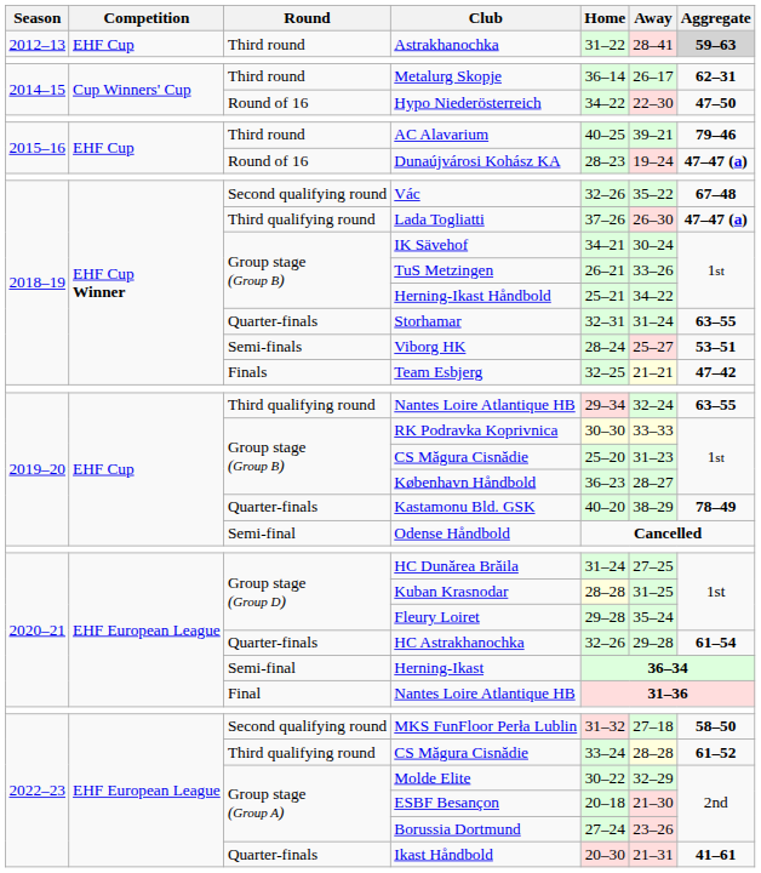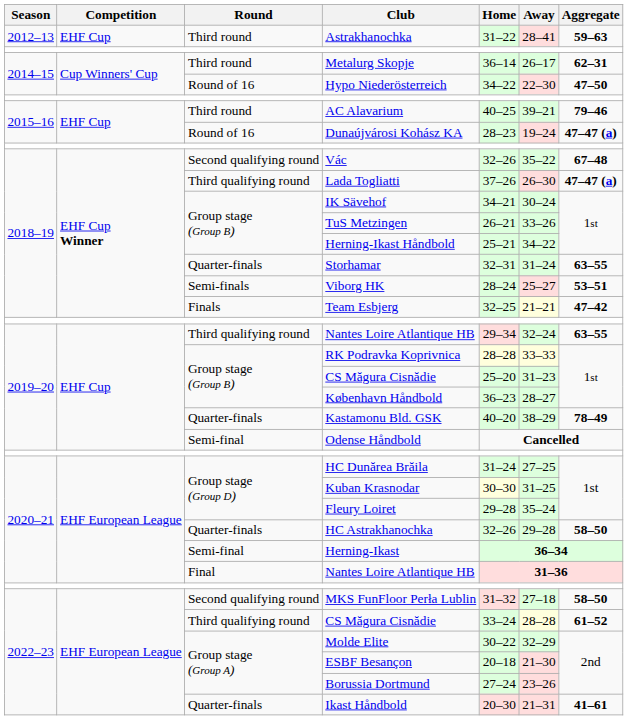 <table class="wikitable" style="text-align: left">
 <tr>
 <th>Season</th>
 <th>Competition</th>
 <th>Round</th>
 <th>Club</th>
 <th>Home</th>
 <th>Away</th>
 <th>Aggregate</th>
 </tr>
 <tr>
 <td rowspan=1><a href='#'>2012–13</a></td>
 <td rowspan=1><a href='#'>EHF Cup</a></td>
 <td>Third round</td>
 <td> <a href='#'>Astrakhanochka</a></td>
 <td style="text-align:center; background:#dfd;">31–22</td>
 <td style="text-align:center; background:#fdd;">28–41</td>
-<td style="background: lightgrey; text-align:center;"><strong>59–63</strong></td>
+<td style="text-align:center;"><strong>59–63</strong></td>
 </tr>
 <tr>
 <td colspan=7 style="text-align: center;" bgcolor=white></td>
 </tr>
 <tr>
 <td rowspan=2><a href='#'>2014–15</a></td>
 <td rowspan=2><a href='#'>Cup Winners' Cup</a></td>
 <td>Third round</td>
 <td> <a href='#'>Metalurg Skopje</a></td>
 <td style="text-align:center; background:#dfd;">36–14</td>
 <td style="text-align:center; background:#dfd;">26–17</td>
 <td style="text-align:center;"><strong>62–31</strong></td>
 </tr>
 <tr>
 <td>Round of 16</td>
 <td> <a href='#'>Hypo Niederösterreich</a></td>
 <td style="text-align:center; background:#dfd;">34–22</td>
 <td style="text-align:center; background:#fdd;">22–30</td>
 <td style="text-align:center;"><strong>47–50</strong></td>
 </tr>
 <tr>
 <td colspan=7 style="text-align: center;" bgcolor=white></td>
 </tr>
 <tr>
 <td rowspan=2><a href='#'>2015–16</a></td>
 <td rowspan=2><a href='#'>EHF Cup</a></td>
 <td>Third round</td>
 <td> <a href='#'>AC Alavarium</a></td>
 <td style="text-align:center; background:#dfd;">40–25</td>
 <td style="text-align:center; background:#dfd;">39–21</td>
 <td style="text-align:center;"><strong>79–46</strong></td>
 </tr>
 <tr>
 <td>Round of 16</td>
 <td> <a href='#'>Dunaújvárosi Kohász KA</a></td>
 <td style="text-align:center; background:#dfd;">28–23</td>
 <td style="text-align:center; background:#fdd;">19–24</td>
 <td style="text-align:center;"><strong>47–47 (<a href='#'>a</a>)</strong></td>
 </tr>
 <tr>
 <td colspan=7 style="text-align: center;" bgcolor=white></td>
 </tr>
 <tr>
 <td rowspan=8><a href='#'>2018–19</a></td>
 <td rowspan=8><a href='#'>EHF Cup</a><br> <strong>Winner</strong></td>
 <td>Second qualifying round</td>
 <td> <a href='#'>Vác</a></td>
 <td style="text-align:center; background:#dfd;">32–26</td>
 <td style="text-align:center; background:#dfd;">35–22</td>
 <td style="text-align:center;"><strong>67–48</strong></td>
 </tr>
 <tr>
 <td>Third qualifying round</td>
 <td> <a href='#'>Lada Togliatti</a></td>
 <td style="text-align:center; background:#dfd;">37–26</td>
 <td style="text-align:center; background:#fdd;">26–30</td>
 <td style="text-align:center;"><strong>47–47 (<a href='#'>a</a>)</strong></td>
 </tr>
 <tr>
 <td rowspan=3>Group stage<br><em>(<small>Group B</small>)</em></td>
 <td> <a href='#'>IK Sävehof</a></td>
 <td style="text-align:center; background:#dfd;">34–21</td>
 <td style="text-align:center; background:#dfd;">30–24</td>
 <td align=center rowspan=3>1<small>st</small></td>
 </tr>
 <tr>
 <td> <a href='#'>TuS Metzingen</a></td>
 <td style="text-align:center; background:#dfd;">26–21</td>
 <td style="text-align:center; background:#dfd;">33–26</td>
 </tr>
 <tr>
 <td> <a href='#'>Herning-Ikast Håndbold</a></td>
 <td style="text-align:center; background:#dfd;">25–21</td>
 <td style="text-align:center; background:#dfd;">34–22</td>
 </tr>
 <tr>
 <td>Quarter-finals</td>
 <td> <a href='#'>Storhamar</a></td>
 <td style="text-align:center; background:#dfd;">32–31</td>
 <td style="text-align:center; background:#dfd;">31–24</td>
 <td style="text-align:center;"><strong>63–55</strong></td>
 </tr>
 <tr>
 <td>Semi-finals</td>
 <td> <a href='#'>Viborg HK</a></td>
 <td style="text-align:center; background:#dfd;">28–24</td>
 <td style="text-align:center; background:#fdd;">25–27</td>
 <td style="text-align:center;"><strong>53–51</strong></td>
 </tr>
 <tr>
 <td>Finals</td>
 <td> <a href='#'>Team Esbjerg</a></td>
 <td style="text-align:center; background:#dfd;">32–25</td>
 <td style="text-align:center; background:#ffd;">21–21</td>
 <td style="text-align:center;"><strong>47–42</strong></td>
 </tr>
 <tr>
 <td colspan=7 style="text-align: center;" bgcolor=white></td>
 </tr>
 <tr>
 <td rowspan=6><a href='#'>2019–20</a></td>
 <td rowspan=6><a href='#'>EHF Cup</a></td>
 <td>Third qualifying round</td>
 <td> <a href='#'>Nantes Loire Atlantique HB</a></td>
 <td style="text-align:center; background:#fdd;">29–34</td>
 <td style="text-align:center; background:#dfd;">32–24</td>
 <td style="text-align:center;"><strong>63–55</strong></td>
 </tr>
 <tr>
 <td rowspan=3>Group stage<br><em>(<small>Group B</small>)</em></td>
 <td> <a href='#'>RK Podravka Koprivnica</a></td>
-<td style="text-align:center; background:#ffd;">30–30</td>
+<td style="text-align:center; background:#ffd;">28–28</td>
 <td style="text-align:center; background:#ffd;">33–33</td>
 <td align=center rowspan=3>1<small>st</small></td>
 </tr>
 <tr>
 <td> <a href='#'>CS Măgura Cisnădie</a></td>
 <td style="text-align:center; background:#dfd;">25–20</td>
 <td style="text-align:center; background:#dfd;">31–23</td>
 </tr>
 <tr>
 <td> <a href='#'>København Håndbold</a></td>
 <td style="text-align:center; background:#dfd;">36–23</td>
 <td style="text-align:center; background:#dfd;">28–27</td>
 </tr>
 <tr>
 <td>Quarter-finals</td>
 <td> <a href='#'>Kastamonu Bld. GSK</a></td>
 <td style="text-align:center; background:#dfd;">40–20</td>
 <td style="text-align:center; background:#dfd;">38–29</td>
 <td style="text-align:center;"><strong>78–49</strong></td>
 </tr>
 <tr>
 <td>Semi-final</td>
 <td> <a href='#'>Odense Håndbold</a></td>
 <td align=center colspan=3><strong>Cancelled</strong></td>
 </tr>
 <tr>
 <td colspan=7 style="text-align: center;" bgcolor=white></td>
 </tr>
 <tr>
 <td rowspan=6><a href='#'>2020–21</a></td>
 <td rowspan=6><a href='#'>EHF European League</a></td>
 <td rowspan=3>Group stage<br><em>(<small>Group D</small>)</em></td>
 <td> <a href='#'>HC Dunărea Brăila</a></td>
 <td style="text-align:center; background:#dfd;">31–24</td>
 <td style="text-align:center; background:#dfd;">27–25</td>
 <td align=center rowspan=3>1st</td>
 </tr>
 <tr>
 <td> <a href='#'>Kuban Krasnodar</a></td>
-<td style="text-align:center; background:#ffd;">28–28</td>
+<td style="text-align:center; background:#ffd;">30–30</td>
 <td style="text-align:center; background:#dfd;">31–25</td>
 </tr>
 <tr>
 <td> <a href='#'>Fleury Loiret</a></td>
 <td style="text-align:center; background:#dfd;">29–28</td>
 <td style="text-align:center; background:#dfd;">35–24</td>
 </tr>
 <tr>
 <td>Quarter-finals</td>
 <td> <a href='#'>HC Astrakhanochka</a></td>
 <td style="text-align:center; background:#dfd;">32–26</td>
 <td style="text-align:center; background:#dfd;">29–28</td>
-<td style="text-align:center;"><strong>61–54</strong></td>
+<td style="text-align:center;"><strong>58–50</strong></td>
 </tr>
 <tr>
 <td>Semi-final</td>
 <td> <a href='#'>Herning-Ikast</a></td>
 <td style="text-align:center; background:#dfd;" colspan=3><strong>36–34</strong></td>
 </tr>
 <tr>
 <td>Final</td>
 <td> <a href='#'>Nantes Loire Atlantique HB</a></td>
 <td style="text-align:center; background:#fdd;" colspan=3><strong>31–36</strong></td>
 </tr>
 <tr>
 <td colspan=7 style="text-align: center;" bgcolor=white></td>
 </tr>
 <tr>
 <td rowspan=7><a href='#'>2022–23</a></td>
 <td rowspan=7><a href='#'>EHF European League</a></td>
 <td>Second qualifying round</td>
 <td> <a href='#'>MKS FunFloor Perła Lublin</a></td>
 <td style="text-align:center; background:#fdd;">31–32</td>
 <td style="text-align:center; background:#dfd;">27–18</td>
 <td style="text-align:center;"><strong>58–50</strong></td>
 </tr>
 <tr>
 <td>Third qualifying round</td>
 <td> <a href='#'>CS Măgura Cisnădie</a></td>
 <td style="text-align:center; background:#dfd;">33–24</td>
 <td style="text-align:center; background:#ffd;">28–28</td>
 <td style="text-align:center;"><strong>61–52</strong></td>
 </tr>
 <tr>
 <td rowspan=3>Group stage<br><em>(<small>Group A</small>)</em></td>
 <td> <a href='#'>Molde Elite</a></td>
 <td style="text-align:center; background:#dfd;">30–22</td>
 <td style="text-align:center; background:#dfd;">32–29</td>
 <td align=center rowspan=3>2nd</td>
 </tr>
 <tr>
 <td> <a href='#'>ESBF Besançon</a></td>
 <td style="text-align:center; background:#dfd;">20–18</td>
 <td style="text-align:center; background:#fdd;">21–30</td>
 </tr>
 <tr>
 <td> <a href='#'>Borussia Dortmund</a></td>
 <td style="text-align:center; background:#dfd;">27–24</td>
 <td style="text-align:center; background:#fdd;">23–26</td>
 </tr>
 <tr>
 <td>Quarter-finals</td>
 <td> <a href='#'>Ikast Håndbold</a></td>
 <td style="text-align:center; background:#fdd;">20–30</td>
 <td style="text-align:center; background:#fdd;">21–31</td>
 <td style="text-align:center;"><strong>41–61</strong></td>
 </tr>
 </table>
